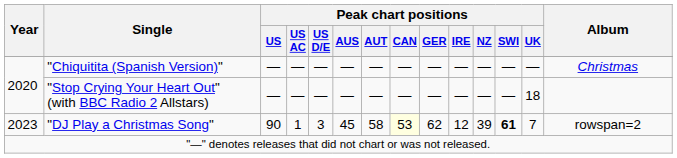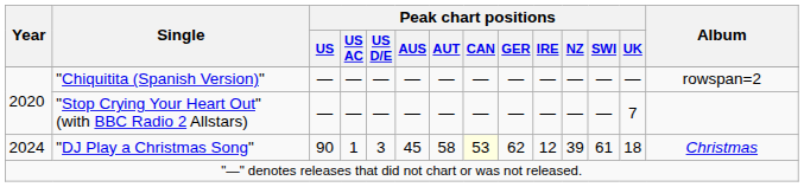 <table class="wikitable" >
 <tr>
 <th width=40 rowspan=2>Year</th>
 <th width=250 rowspan="2">Single</th>
 <th colspan=11>Peak chart positions</th>
 <th rowspan=2 width=145>Album</th>
 </tr>
 <tr style="font-size:smaller;">
 <th width="25"><a href='#'>US</a><br></th>
 <th width="20"><a href='#'>US AC</a><br></th>
 <th width="20"><a href='#'>US D/E</a><br></th>
 <th width="20"><a href='#'>AUS</a><br></th>
 <th width="20"><a href='#'>AUT</a><br></th>
 <th width="20"><a href='#'>CAN</a><br></th>
 <th width="20"><a href='#'>GER</a><br></th>
 <th width="20"><a href='#'>IRE</a><br></th>
 <th width="20"><a href='#'>NZ</a><br></th>
 <th width="20"><a href='#'>SWI</a><br></th>
 <th width="20"><a href='#'>UK</a><br></th>
 </tr>
 <tr>
 </tr>
 <tr align="center">
 <td align="left" rowspan=2>2020</td>
 <td align="left">"<a href='#'>Chiquitita (Spanish Version)</a>"</td>
 <td>—<br></td>
 <td>—</td>
 <td>—</td>
 <td>—</td>
 <td>—</td>
 <td>—</td>
 <td>—</td>
 <td>—</td>
 <td>—</td>
 <td>—</td>
 <td>—</td>
-<td><em><a href='#'>Christmas</a></em></td>
+<td>rowspan=2 </td>
 </tr>
 <tr align="center">
 <td align="left">"<a href='#'>Stop Crying Your Heart Out</a>"<br><span>(with <a href='#'>BBC Radio 2</a> Allstars)</span></td>
 <td>—</td>
 <td>—</td>
 <td>—</td>
 <td>—</td>
 <td>—</td>
 <td>—</td>
 <td>—</td>
 <td>—</td>
 <td>—</td>
 <td>—</td>
-<td>18</td>
+<td>7</td>
 </tr>
 <tr align="center">
-<td align="left">2023</td>
+<td align="left">2024</td>
 <td align="left">"<a href='#'>DJ Play a Christmas Song</a>"</td>
 <td>90</td>
 <td>1</td>
 <td>3</td>
 <td>45</td>
 <td>58</td>
 <td style="background: lightyellow;">53</td>
 <td>62</td>
 <td>12</td>
 <td>39</td>
-<td><strong>61</strong></td>
-<td>7</td>
-<td>rowspan=2 </td>
+<td>61</td>
+<td>18</td>
+<td><em><a href='#'>Christmas</a></em></td>
 </tr>
 <tr>
 <td colspan="19" align="center" style="font-size:85%">"—" denotes releases that did not chart or was not released.</td>
 </tr>
 </table>
